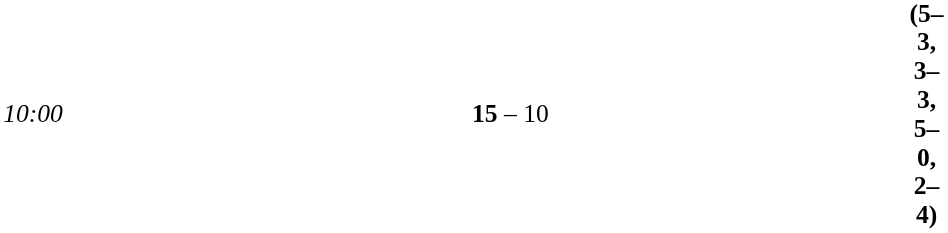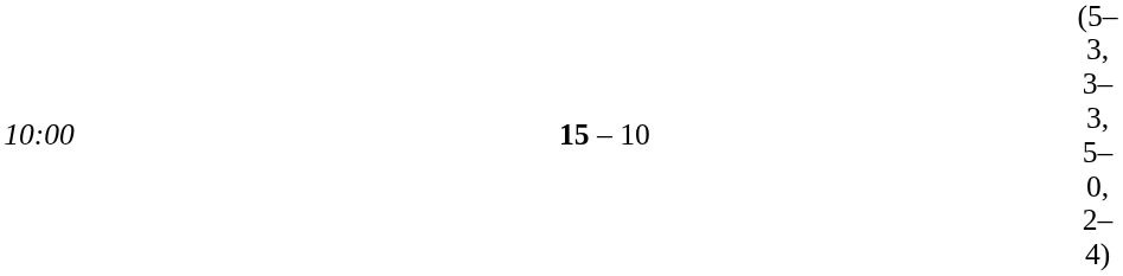 <table style="text-align:center">
 <tr>
 <th width=100></th>
 <th width=200></th>
 <th width=100></th>
 <th width=200></th>
 </tr>
 <tr>
 <td><em>10:00</em></td>
 <td align=right><strong></strong></td>
 <td><strong>15</strong> – 10</td>
 <td align=left></td>
-<td><strong>(5–3, 3–3, 5–0, 2–4)</strong></td>
+<td>(5–3, 3–3, 5–0, 2–4)</td>
 </tr>
 </table>
